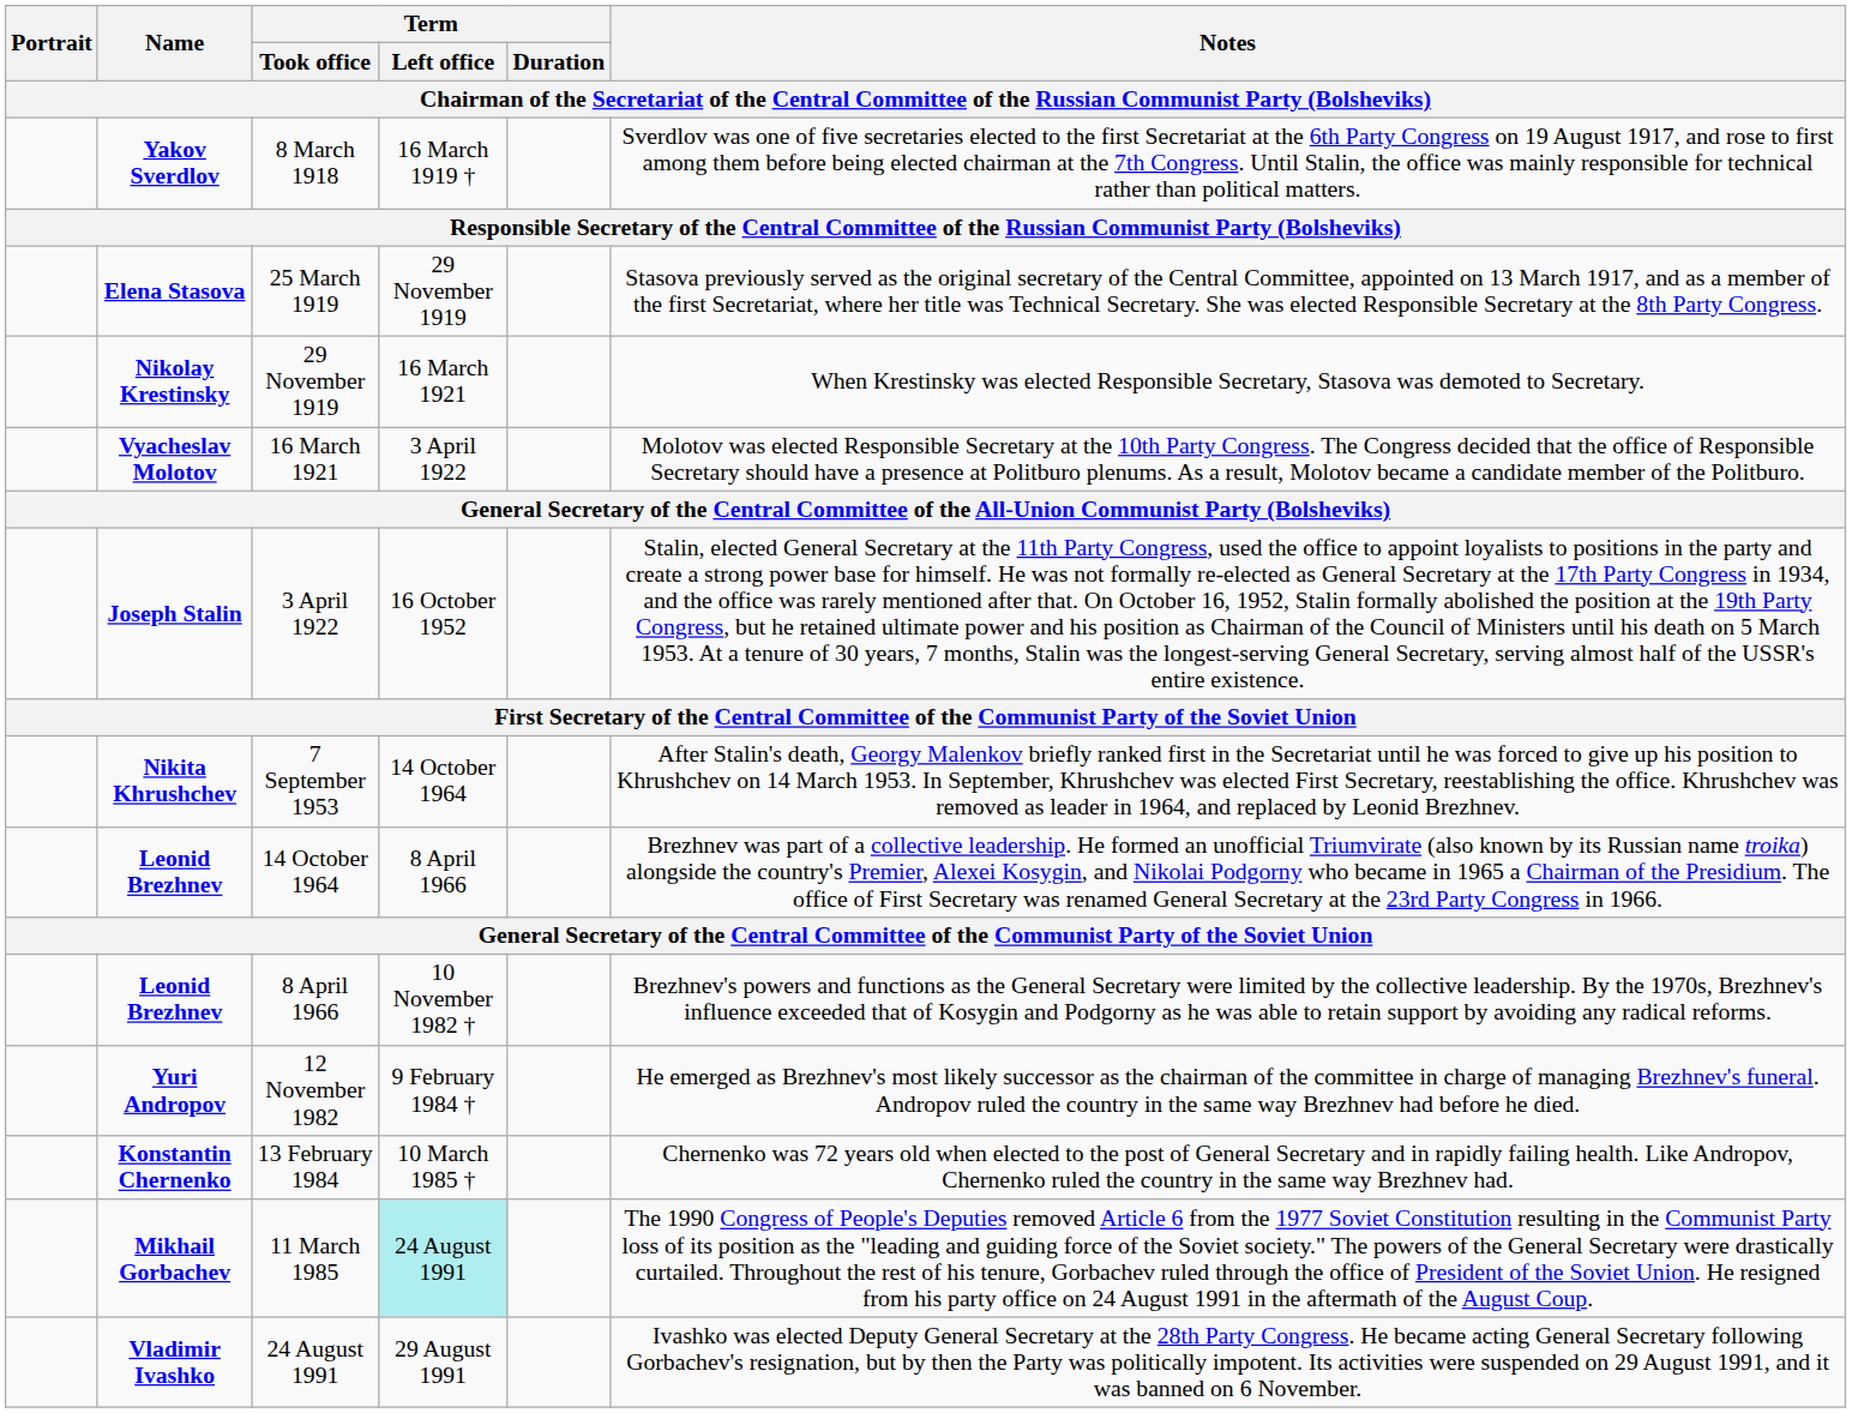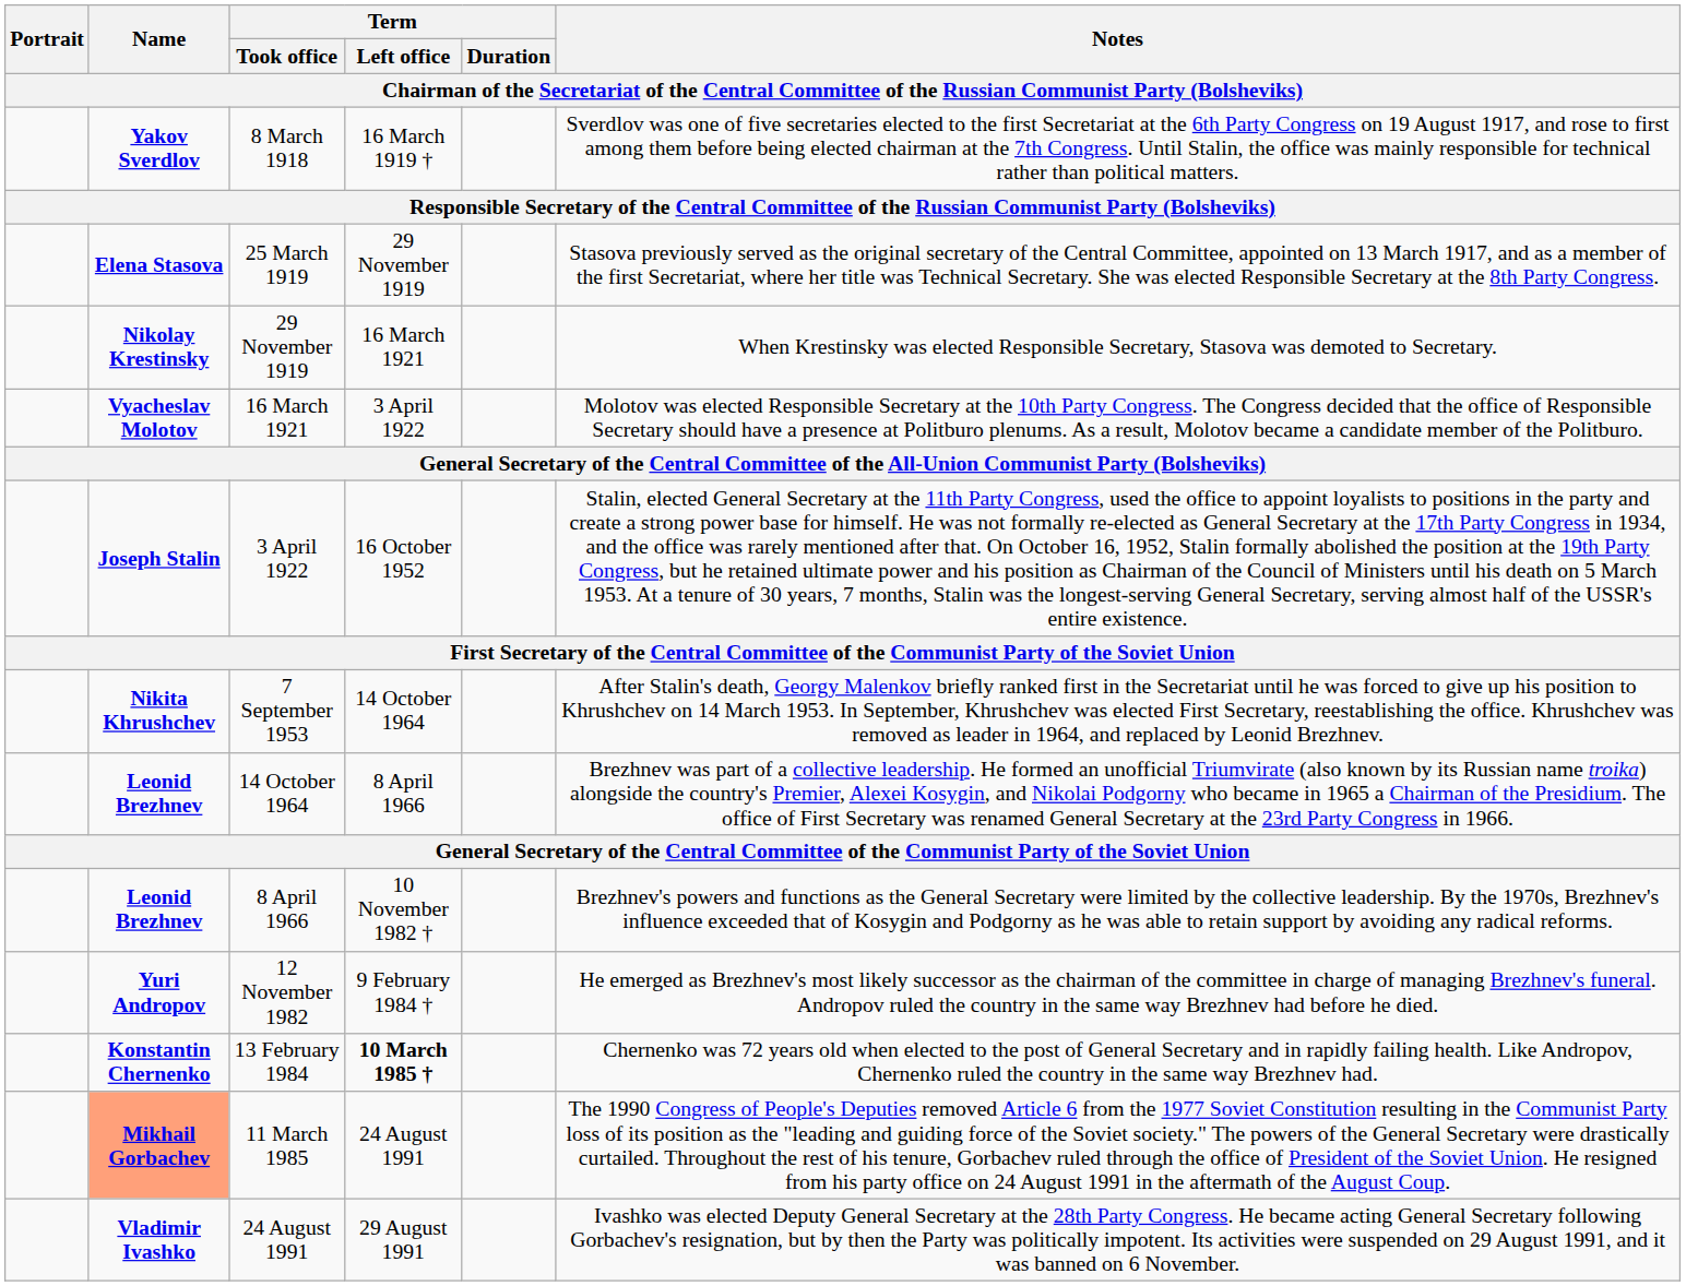 <table class="wikitable" style="text-align:center;">
 <tr>
 <th rowspan=2>Portrait</th>
 <th rowspan=2>Name<br></th>
 <th colspan=3>Term</th>
 <th rowspan=2>Notes</th>
 </tr>
 <tr>
 <th>Took office</th>
 <th>Left office</th>
 <th>Duration</th>
 </tr>
 <tr>
 <th colspan=6>Chairman of the <a href='#'>Secretariat</a> of the <a href='#'>Central Committee</a> of the <a href='#'>Russian Communist Party (Bolsheviks)</a><br></th>
 </tr>
 <tr>
 <td></td>
 <td><strong><a href='#'>Yakov Sverdlov</a></strong><br></td>
 <td>8 March 1918</td>
 <td>16 March 1919 †</td>
 <td></td>
 <td>Sverdlov was one of five secretaries elected to the first Secretariat at the <a href='#'>6th Party Congress</a> on 19 August 1917, and rose to first among them before being elected chairman at the <a href='#'>7th Congress</a>. Until Stalin, the office was mainly responsible for technical rather than political matters.</td>
 </tr>
 <tr>
 <th colspan=6>Responsible Secretary of the <a href='#'>Central Committee</a> of the <a href='#'>Russian Communist Party (Bolsheviks)</a><br></th>
 </tr>
 <tr>
 <td></td>
 <td><strong><a href='#'>Elena Stasova</a></strong><br></td>
 <td>25 March 1919</td>
 <td>29 November 1919</td>
 <td></td>
 <td>Stasova previously served as the original secretary of the Central Committee, appointed on 13 March 1917, and as a member of the first Secretariat, where her title was Technical Secretary. She was elected Responsible Secretary at the <a href='#'>8th Party Congress</a>.</td>
 </tr>
 <tr>
 <td></td>
 <td><strong><a href='#'>Nikolay Krestinsky</a></strong><br></td>
 <td>29 November 1919</td>
 <td>16 March 1921</td>
 <td></td>
 <td>When Krestinsky was elected Responsible Secretary, Stasova was demoted to Secretary.</td>
 </tr>
 <tr>
 <td></td>
 <td><strong><a href='#'>Vyacheslav Molotov</a></strong><br></td>
 <td>16 March 1921</td>
 <td>3 April 1922</td>
 <td></td>
 <td>Molotov was elected Responsible Secretary at the <a href='#'>10th Party Congress</a>. The Congress decided that the office of Responsible Secretary should have a presence at Politburo plenums. As a result, Molotov became a candidate member of the Politburo.</td>
 </tr>
 <tr>
 <th colspan=6>General Secretary of the <a href='#'>Central Committee</a> of the <a href='#'>All-Union Communist Party (Bolsheviks)</a><br></th>
 </tr>
 <tr>
 <td></td>
 <td><strong><a href='#'>Joseph Stalin</a></strong><br></td>
 <td>3 April 1922</td>
 <td>16 October 1952</td>
 <td></td>
 <td>Stalin, elected General Secretary at the <a href='#'>11th Party Congress</a>, used the office to appoint loyalists to positions in the party and create a strong power base for himself. He was not formally re-elected as General Secretary at the <a href='#'>17th Party Congress</a> in 1934, and the office was rarely mentioned after that. On October 16, 1952, Stalin formally abolished the position at the <a href='#'>19th Party Congress</a>, but he retained ultimate power and his position as Chairman of the Council of Ministers until his death on 5 March 1953. At a tenure of 30 years, 7 months, Stalin was the longest-serving General Secretary, serving almost half of the USSR's entire existence.</td>
 </tr>
 <tr>
 <th colspan=6>First Secretary of the <a href='#'>Central Committee</a> of the <a href='#'>Communist Party of the Soviet Union</a><br></th>
 </tr>
 <tr>
 <td></td>
 <td><strong><a href='#'>Nikita Khrushchev</a></strong><br></td>
 <td>7 September 1953</td>
 <td>14 October 1964</td>
 <td></td>
 <td>After Stalin's death, <a href='#'>Georgy Malenkov</a> briefly ranked first in the Secretariat until he was forced to give up his position to Khrushchev on 14 March 1953. In September, Khrushchev was elected First Secretary, reestablishing the office. Khrushchev was removed as leader in 1964, and replaced by Leonid Brezhnev.</td>
 </tr>
 <tr>
 <td></td>
 <td><strong><a href='#'>Leonid Brezhnev</a></strong><br></td>
 <td>14 October 1964</td>
 <td>8 April 1966</td>
 <td></td>
 <td>Brezhnev was part of a <a href='#'>collective leadership</a>. He formed an unofficial <a href='#'>Triumvirate</a> (also known by its Russian name <em><a href='#'>troika</a></em>) alongside the country's <a href='#'>Premier</a>, <a href='#'>Alexei Kosygin</a>, and <a href='#'>Nikolai Podgorny</a> who became in 1965 a <a href='#'>Chairman of the Presidium</a>. The office of First Secretary was renamed General Secretary at the <a href='#'>23rd Party Congress</a> in 1966.</td>
 </tr>
 <tr>
 <th colspan=6>General Secretary of the <a href='#'>Central Committee</a> of the <a href='#'>Communist Party of the Soviet Union</a><br></th>
 </tr>
 <tr>
 <td></td>
 <td><strong><a href='#'>Leonid Brezhnev</a></strong><br></td>
 <td>8 April 1966</td>
 <td>10 November 1982 †</td>
 <td></td>
 <td>Brezhnev's powers and functions as the General Secretary were limited by the collective leadership. By the 1970s, Brezhnev's influence exceeded that of Kosygin and Podgorny as he was able to retain support by avoiding any radical reforms.</td>
 </tr>
 <tr>
 <td></td>
 <td><strong><a href='#'>Yuri Andropov</a></strong><br></td>
 <td>12 November 1982</td>
 <td>9 February 1984 †</td>
 <td></td>
 <td>He emerged as Brezhnev's most likely successor as the chairman of the committee in charge of managing <a href='#'>Brezhnev's funeral</a>. Andropov ruled the country in the same way Brezhnev had before he died.</td>
 </tr>
 <tr>
 <td></td>
 <td><strong><a href='#'>Konstantin Chernenko</a></strong><br></td>
 <td>13 February 1984</td>
-<td>10 March 1985 †</td>
+<td><strong>10 March 1985 †</strong></td>
 <td></td>
 <td>Chernenko was 72 years old when elected to the post of General Secretary and in rapidly failing health. Like Andropov, Chernenko ruled the country in the same way Brezhnev had.</td>
 </tr>
 <tr>
 <td></td>
-<td><strong><a href='#'>Mikhail Gorbachev</a></strong><br></td>
+<td style="background: lightsalmon;"><strong><a href='#'>Mikhail Gorbachev</a></strong><br></td>
 <td>11 March 1985</td>
-<td style="background: paleturquoise;">24 August 1991</td>
+<td>24 August 1991</td>
 <td></td>
 <td>The 1990 <a href='#'>Congress of People's Deputies</a> removed <a href='#'>Article 6</a> from the <a href='#'>1977 Soviet Constitution</a> resulting in the <a href='#'>Communist Party</a> loss of its position as the "leading and guiding force of the Soviet society." The powers of the General Secretary were drastically curtailed. Throughout the rest of his tenure, Gorbachev ruled through the office of <a href='#'>President of the Soviet Union</a>. He resigned from his party office on 24 August 1991 in the aftermath of the <a href='#'>August Coup</a>.</td>
 </tr>
 <tr>
 <td></td>
 <td><strong><a href='#'>Vladimir Ivashko</a></strong><br></td>
 <td>24 August 1991</td>
 <td>29 August 1991</td>
 <td></td>
 <td>Ivashko was elected Deputy General Secretary at the <a href='#'>28th Party Congress</a>. He became acting General Secretary following Gorbachev's resignation, but by then the Party was politically impotent. Its activities were suspended on 29 August 1991, and it was banned on 6 November.</td>
 </tr>
 </table>
